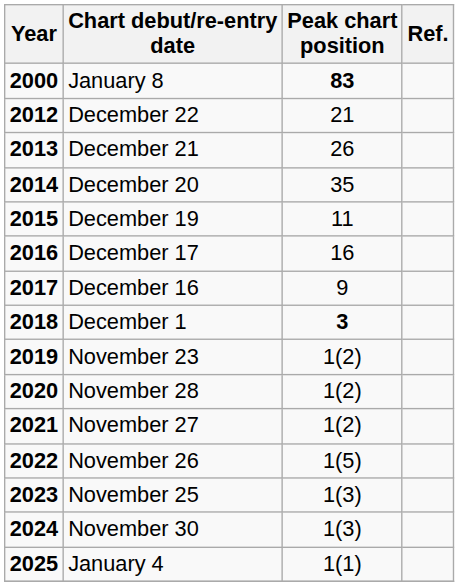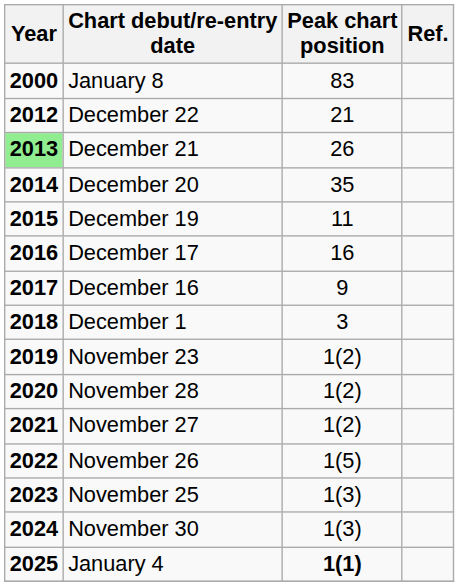 <table class="wikitable floatright">
 <tr>
 <th>Year</th>
 <th>Chart debut/re-entry<br>date</th>
 <th>Peak chart<br>position</th>
 <th>Ref.</th>
 </tr>
 <tr>
 <td><strong>2000</strong></td>
 <td>January 8</td>
-<td style="text-align:center;"><strong>83</strong></td>
+<td style="text-align:center;">83</td>
 <td align="center"></td>
 </tr>
 <tr>
 <td><strong>2012</strong></td>
 <td>December 22</td>
 <td style="text-align:center;">21</td>
 <td align="center"></td>
 </tr>
 <tr>
-<td><strong>2013</strong></td>
+<td style="background: lightgreen;"><strong>2013</strong></td>
 <td>December 21</td>
 <td style="text-align:center;">26</td>
 <td align="center"></td>
 </tr>
 <tr>
 <td><strong>2014</strong></td>
 <td>December 20</td>
 <td style="text-align:center;">35</td>
 <td align="center"></td>
 </tr>
 <tr>
 <td><strong>2015</strong></td>
 <td>December 19</td>
 <td style="text-align:center;">11</td>
 <td align="center"></td>
 </tr>
 <tr>
 <td><strong>2016</strong></td>
 <td>December 17</td>
 <td style="text-align:center;">16</td>
 <td align="center"></td>
 </tr>
 <tr>
 <td><strong>2017</strong></td>
 <td>December 16</td>
 <td style="text-align:center;">9</td>
 <td align="center"></td>
 </tr>
 <tr>
 <td><strong>2018</strong></td>
 <td>December 1</td>
-<td style="text-align:center;"><strong>3</strong></td>
+<td style="text-align:center;">3</td>
 <td align="center"></td>
 </tr>
 <tr>
 <td><strong>2019</strong></td>
 <td>November 23</td>
 <td style="text-align:center;">1(2)</td>
 <td align="center"></td>
 </tr>
 <tr>
 <td><strong>2020</strong></td>
 <td>November 28</td>
 <td style="text-align:center;">1(2)</td>
 <td align="center"></td>
 </tr>
 <tr>
 <td><strong>2021</strong></td>
 <td>November 27</td>
 <td style="text-align:center;">1(2)</td>
 <td align="center"></td>
 </tr>
 <tr>
 <td><strong>2022</strong></td>
 <td>November 26</td>
 <td style="text-align:center;">1(5)</td>
 <td align="center"></td>
 </tr>
 <tr>
 <td><strong>2023</strong></td>
 <td>November 25</td>
 <td style="text-align:center;">1(3)</td>
 <td align="center"></td>
 </tr>
 <tr>
 <td><strong>2024</strong></td>
 <td>November 30</td>
 <td style="text-align:center;">1(3)</td>
 <td align="center"></td>
 </tr>
 <tr>
 <td><strong>2025</strong></td>
 <td>January 4</td>
-<td style="text-align:center;">1(1)</td>
+<td style="text-align:center;"><strong>1(1)</strong></td>
 <td></td>
 </tr>
 <tr>
 </tr>
 </table>
